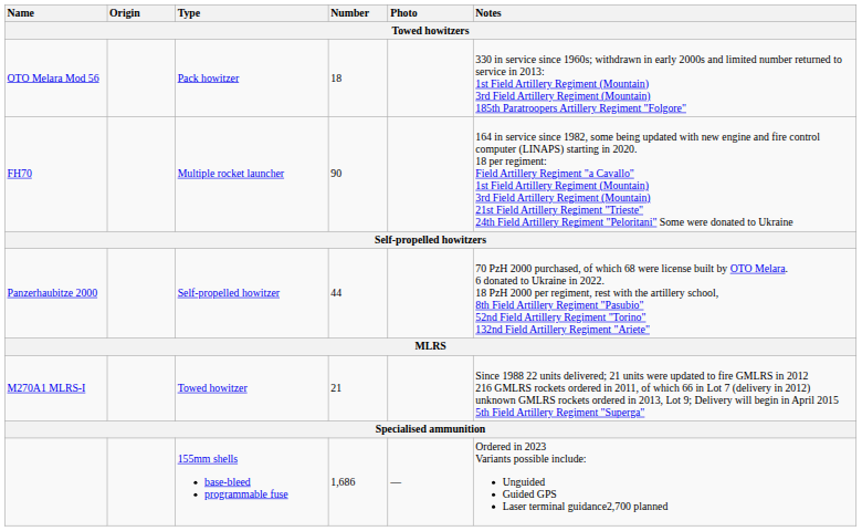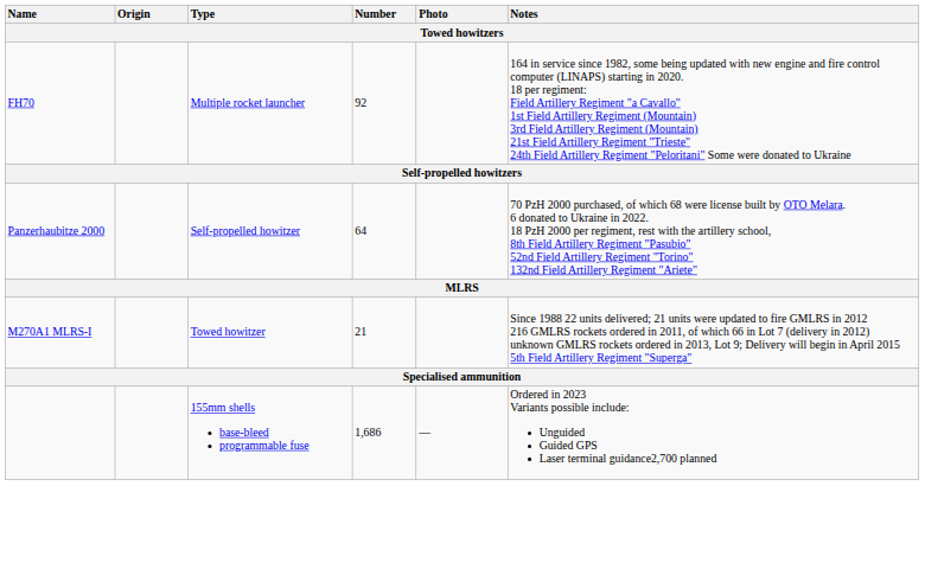 <table class="wikitable" style="margin:auto; width:100%;">
 <tr>
 <th style="text-align: left; width:12%;">Name</th>
 <th style="text-align: left; width:8%;">Origin</th>
 <th style="text-align: left; width:18%;">Type</th>
 <th style="text-align: left; width:7%;">Number</th>
 <th style="text-align: left; width:10%; ">Photo</th>
 <th style="text-align: left; width:45%;">Notes</th>
 </tr>
 <tr>
 <th colspan="6">Towed howitzers</th>
 </tr>
 <tr>
-<td><a href='#'>OTO Melara Mod 56</a></td>
-<td></td>
-<td><a href='#'>Pack howitzer</a></td>
-<td>18</td>
-<td></td>
-<td><br>330 in service since 1960s; withdrawn in early 2000s and limited number returned to service in 2013:<br><a href='#'>1st Field Artillery Regiment (Mountain)</a><br><a href='#'>3rd Field Artillery Regiment (Mountain)</a><br><a href='#'>185th Paratroopers Artillery Regiment "Folgore"</a></td>
-</tr>
-<tr>
 <td><a href='#'>FH70</a></td>
 <td><br></td>
 <td><a href='#'>Multiple rocket launcher</a></td>
-<td>90</td>
+<td>92</td>
 <td></td>
 <td><br>164 in service since 1982, some being updated with new engine and fire control computer (LINAPS) starting in 2020.<br>18 per regiment:<br><a href='#'>Field Artillery Regiment "a Cavallo"</a><br><a href='#'>1st Field Artillery Regiment (Mountain)</a><br><a href='#'>3rd Field Artillery Regiment (Mountain)</a><br><a href='#'>21st Field Artillery Regiment "Trieste"</a><br><a href='#'>24th Field Artillery Regiment "Peloritani"</a> Some were donated to Ukraine </td>
 </tr>
 <tr>
 <th colspan="6">Self-propelled howitzers</th>
 </tr>
 <tr>
 <td><a href='#'>Panzerhaubitze 2000</a></td>
 <td><br></td>
 <td><a href='#'>Self-propelled howitzer</a></td>
-<td>44</td>
+<td>64</td>
 <td></td>
 <td><br>70 PzH 2000 purchased, of which 68 were license built by <a href='#'>OTO Melara</a>.<br>6 donated to Ukraine in 2022.<br>18 PzH 2000 per regiment, rest with the artillery school, <br><a href='#'>8th Field Artillery Regiment "Pasubio"</a><br><a href='#'>52nd Field Artillery Regiment "Torino"</a><br><a href='#'>132nd Field Artillery Regiment "Ariete"</a></td>
 </tr>
 <tr>
 <th colspan="6">MLRS</th>
 </tr>
 <tr>
 <td><a href='#'>M270A1 MLRS-I</a></td>
 <td></td>
 <td><a href='#'>Towed howitzer</a></td>
 <td>21</td>
 <td></td>
 <td><br>Since 1988 22 units delivered; 21 units were updated to fire GMLRS in 2012<br>216 GMLRS rockets ordered in 2011, of which 66 in Lot 7 (delivery in 2012)<br>unknown GMLRS rockets ordered in 2013, Lot 9; Delivery will begin in April 2015<br><a href='#'>5th Field Artillery Regiment "Superga"</a></td>
 </tr>
 <tr>
 <th colspan="6">Specialised ammunition</th>
 </tr>
 <tr>
 <td></td>
 <td></td>
 <td><a href='#'>155mm shells</a><br><ul><li><a href='#'>base-bleed</a></li><li><a href='#'>programmable fuse</a></li></ul></td>
 <td>1,686</td>
 <td>—</td>
 <td>Ordered in 2023 <br>Variants possible include:<ul><li>Unguided</li><li>Guided GPS</li><li>Laser terminal guidance2,700 planned </li></ul></td>
 </tr>
 </table>
